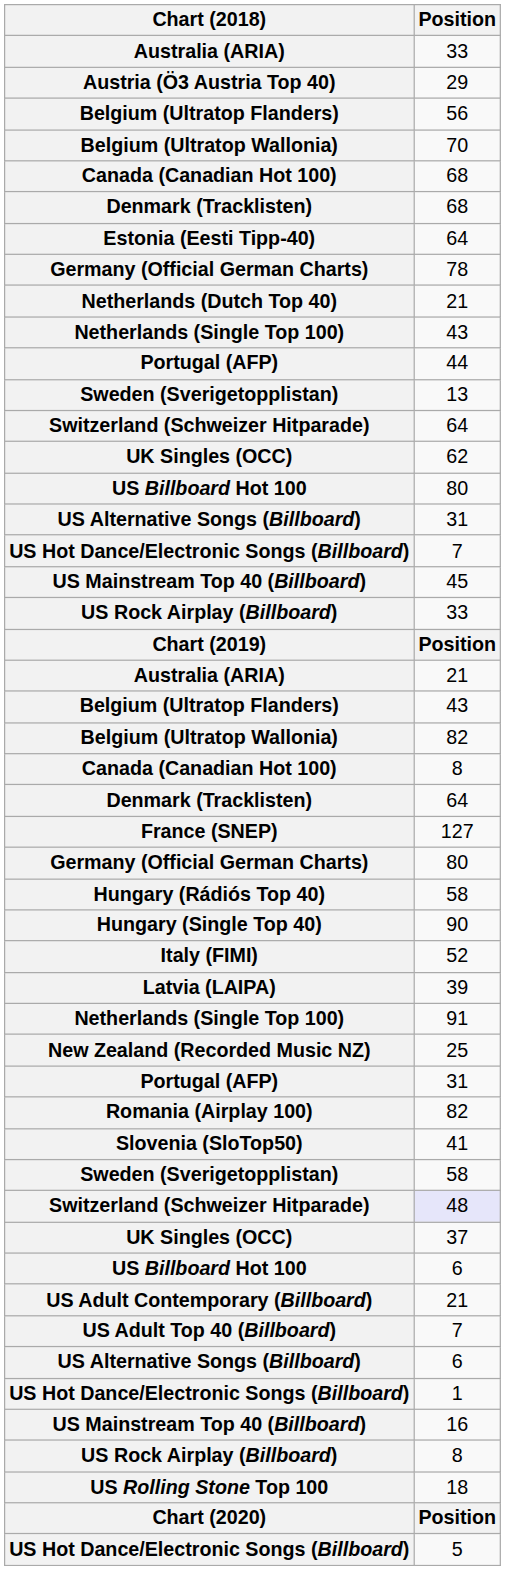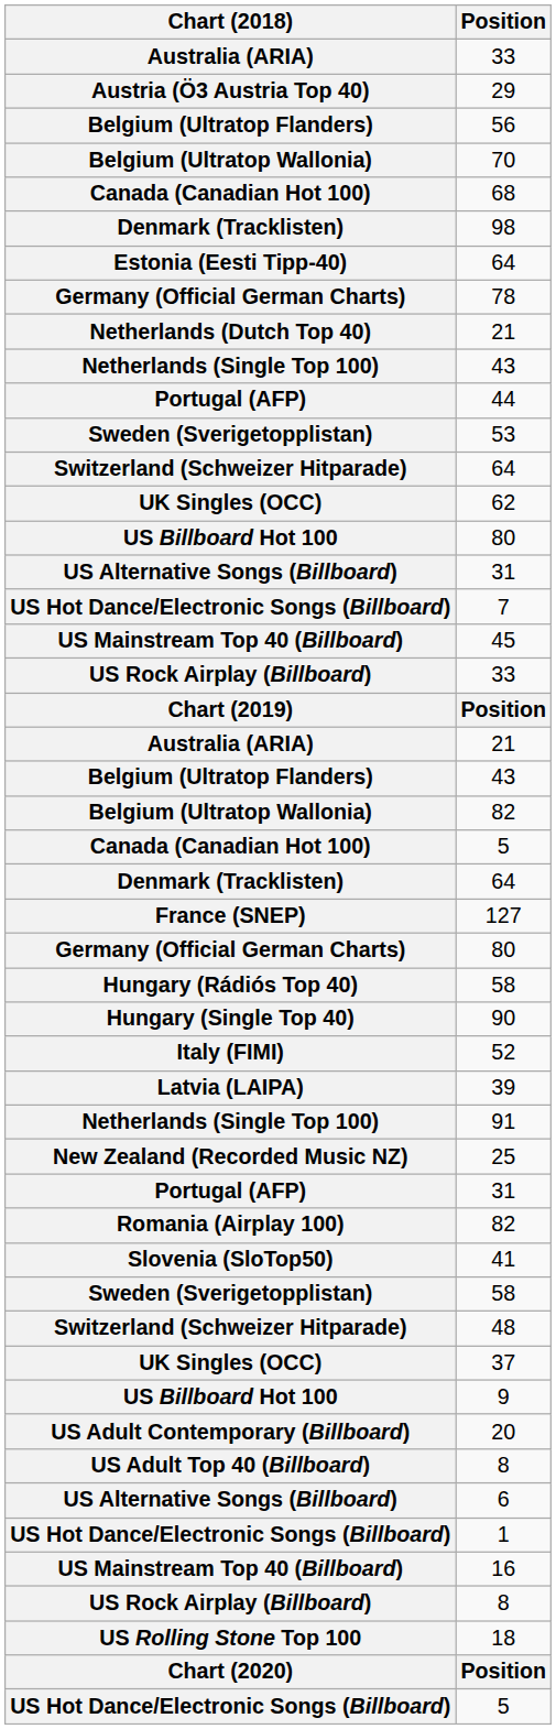 <table class="wikitable sortable plainrowheaders" style="text-align:center">
 <tr>
 <th scope="col">Chart (2018)</th>
 <th scope="col">Position</th>
 </tr>
 <tr>
 <th scope="row">Australia (ARIA)</th>
 <td>33</td>
 </tr>
 <tr>
 <th scope="row">Austria (Ö3 Austria Top 40)</th>
 <td>29</td>
 </tr>
 <tr>
 <th scope="row">Belgium (Ultratop Flanders)</th>
 <td>56</td>
 </tr>
 <tr>
 <th scope="row">Belgium (Ultratop Wallonia)</th>
 <td>70</td>
 </tr>
 <tr>
 <th scope="row">Canada (Canadian Hot 100)</th>
 <td>68</td>
 </tr>
 <tr>
 <th scope="row">Denmark (Tracklisten)</th>
-<td>68</td>
+<td>98</td>
 </tr>
 <tr>
 <th scope="row">Estonia (Eesti Tipp-40)</th>
 <td>64</td>
 </tr>
 <tr>
 <th scope="row">Germany (Official German Charts)</th>
 <td>78</td>
 </tr>
 <tr>
 <th scope="row">Netherlands (Dutch Top 40)</th>
 <td>21</td>
 </tr>
 <tr>
 <th scope="row">Netherlands (Single Top 100)</th>
 <td>43</td>
 </tr>
 <tr>
 <th scope="row">Portugal (AFP)</th>
 <td>44</td>
 </tr>
 <tr>
 <th scope="row">Sweden (Sverigetopplistan)</th>
-<td>13</td>
+<td>53</td>
 </tr>
 <tr>
 <th scope="row">Switzerland (Schweizer Hitparade)</th>
 <td>64</td>
 </tr>
 <tr>
 <th scope="row">UK Singles (OCC)</th>
 <td>62</td>
 </tr>
 <tr>
 <th scope="row">US <em>Billboard</em> Hot 100</th>
 <td>80</td>
 </tr>
 <tr>
 <th scope="row">US Alternative Songs (<em>Billboard</em>)</th>
 <td>31</td>
 </tr>
 <tr>
 <th scope="row">US Hot Dance/Electronic Songs (<em>Billboard</em>)</th>
 <td>7</td>
 </tr>
 <tr>
 <th scope="row">US Mainstream Top 40 (<em>Billboard</em>)</th>
 <td>45</td>
 </tr>
 <tr>
 <th scope="row">US Rock Airplay (<em>Billboard</em>)</th>
 <td>33</td>
 </tr>
 <tr>
 <th scope="col">Chart (2019)</th>
 <th scope="col">Position</th>
 </tr>
 <tr>
 <th scope="row">Australia (ARIA)</th>
 <td>21</td>
 </tr>
 <tr>
 <th scope="row">Belgium (Ultratop Flanders)</th>
 <td>43</td>
 </tr>
 <tr>
 <th scope="row">Belgium (Ultratop Wallonia)</th>
 <td>82</td>
 </tr>
 <tr>
 <th scope="row">Canada (Canadian Hot 100)</th>
-<td>8</td>
+<td>5</td>
 </tr>
 <tr>
 <th scope="row">Denmark (Tracklisten)</th>
 <td>64</td>
 </tr>
 <tr>
 <th scope="row">France (SNEP)</th>
 <td>127</td>
 </tr>
 <tr>
 <th scope="row">Germany (Official German Charts)</th>
 <td>80</td>
 </tr>
 <tr>
 <th scope="row">Hungary (Rádiós Top 40)</th>
 <td>58</td>
 </tr>
 <tr>
 <th scope="row">Hungary (Single Top 40)</th>
 <td>90</td>
 </tr>
 <tr>
 <th scope="row">Italy (FIMI)</th>
 <td>52</td>
 </tr>
 <tr>
 <th scope="row">Latvia (LAIPA)</th>
 <td>39</td>
 </tr>
 <tr>
 <th scope="row">Netherlands (Single Top 100)</th>
 <td>91</td>
 </tr>
 <tr>
 <th scope="row">New Zealand (Recorded Music NZ)</th>
 <td>25</td>
 </tr>
 <tr>
 <th scope="row">Portugal (AFP)</th>
 <td>31</td>
 </tr>
 <tr>
 <th scope="row">Romania (Airplay 100)</th>
 <td>82</td>
 </tr>
 <tr>
 <th scope="row">Slovenia (SloTop50)</th>
 <td>41</td>
 </tr>
 <tr>
 <th scope="row">Sweden (Sverigetopplistan)</th>
 <td>58</td>
 </tr>
 <tr>
 <th scope="row">Switzerland (Schweizer Hitparade)</th>
-<td style="background: lavender;">48</td>
+<td>48</td>
 </tr>
 <tr>
 <th scope="row">UK Singles (OCC)</th>
 <td>37</td>
 </tr>
 <tr>
 <th scope="row">US <em>Billboard</em> Hot 100</th>
-<td>6</td>
+<td>9</td>
 </tr>
 <tr>
 <th scope="row">US Adult Contemporary (<em>Billboard</em>)</th>
-<td>21</td>
+<td>20</td>
 </tr>
 <tr>
 <th scope="row">US Adult Top 40 (<em>Billboard</em>)</th>
-<td>7</td>
+<td>8</td>
 </tr>
 <tr>
 <th scope="row">US Alternative Songs (<em>Billboard</em>)</th>
 <td>6</td>
 </tr>
 <tr>
 <th scope="row">US Hot Dance/Electronic Songs (<em>Billboard</em>)</th>
 <td>1</td>
 </tr>
 <tr>
 <th scope="row">US Mainstream Top 40 (<em>Billboard</em>)</th>
 <td>16</td>
 </tr>
 <tr>
 <th scope="row">US Rock Airplay (<em>Billboard</em>)</th>
 <td>8</td>
 </tr>
 <tr>
 <th scope="row">US <em>Rolling Stone</em> Top 100</th>
 <td>18</td>
 </tr>
 <tr>
 <th scope="col">Chart (2020)</th>
 <th scope="col">Position</th>
 </tr>
 <tr>
 <th scope="row">US Hot Dance/Electronic Songs (<em>Billboard</em>)</th>
 <td>5</td>
 </tr>
 </table>
